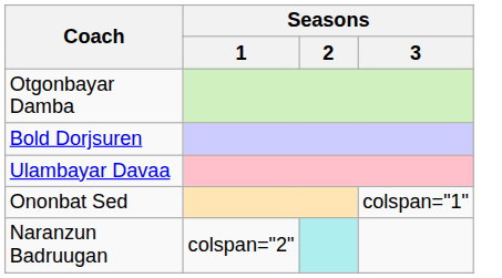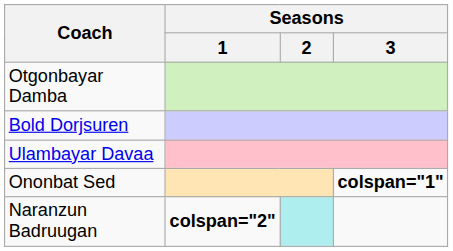 <table class="wikitable" width:"80%">
 <tr>
 <th rowspan="2" width="135">Coach</th>
 <th colspan="3" style=text-align:center;>Seasons</th>
 </tr>
 <tr>
 <th width="40">1</th>
 <th width="40">2</th>
 <th width="40">3</th>
 </tr>
 <tr>
 <td>Otgonbayar Damba</td>
 <td colspan="3" style="text-align:center;background:#d0f0c0"></td>
 </tr>
 <tr>
 <td><a href='#'>Bold Dorjsuren</a></td>
 <td colspan="3" style="text-align:center;background:#ccf"></td>
 </tr>
 <tr>
 <td><a href='#'>Ulambayar Davaa</a></td>
 <td colspan="3" style="text-align:center;background:pink"></td>
 </tr>
 <tr>
 <td>Ononbat Sed</td>
 <td colspan="2" style="text-align:center;background:#ffe5b4"></td>
-<td>colspan="1" </td>
+<td><strong>colspan="1" </strong></td>
 </tr>
 <tr>
 <td>Naranzun Badruugan</td>
-<td>colspan="2" </td>
+<td><strong>colspan="2" </strong></td>
 <td colspan="1" style="text-align:center;background:#afeeee"></td>
 </tr>
 </table>
